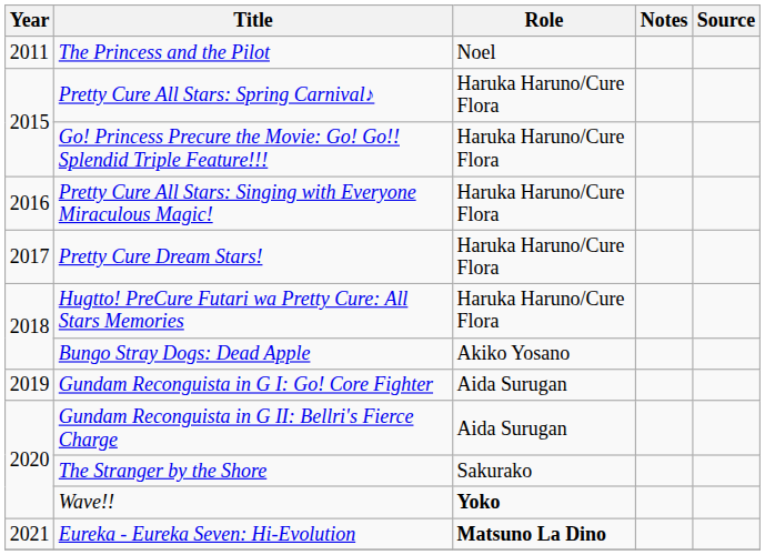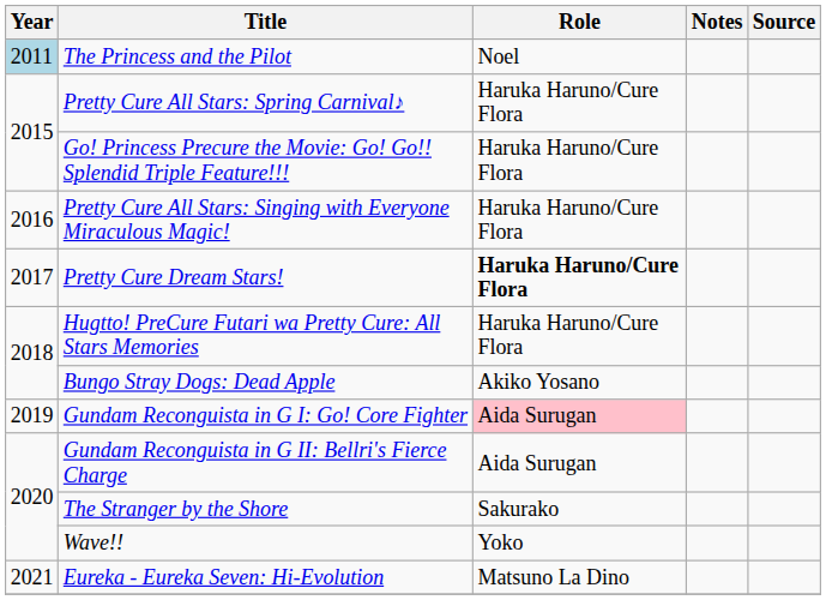 <table class="wikitable">
 <tr>
 <th>Year</th>
 <th>Title</th>
 <th>Role</th>
 <th>Notes</th>
 <th>Source</th>
 </tr>
 <tr>
-<td>2011</td>
+<td style="background: lightblue;">2011</td>
 <td><em><a href='#'>The Princess and the Pilot</a></em></td>
 <td>Noel</td>
 <td></td>
 <td></td>
 </tr>
 <tr>
 <td rowspan="2">2015</td>
 <td><em><a href='#'>Pretty Cure All Stars: Spring Carnival♪</a></em></td>
 <td>Haruka Haruno/Cure Flora</td>
 <td></td>
 <td></td>
 </tr>
 <tr>
 <td><em><a href='#'>Go! Princess Precure the Movie: Go! Go!! Splendid Triple Feature!!!</a></em></td>
 <td>Haruka Haruno/Cure Flora</td>
 <td></td>
 <td></td>
 </tr>
 <tr>
 <td>2016</td>
 <td><em><a href='#'>Pretty Cure All Stars: Singing with Everyone Miraculous Magic!</a></em></td>
 <td>Haruka Haruno/Cure Flora</td>
 <td></td>
 <td></td>
 </tr>
 <tr>
 <td>2017</td>
 <td><em><a href='#'>Pretty Cure Dream Stars!</a></em></td>
-<td>Haruka Haruno/Cure Flora</td>
+<td><strong>Haruka Haruno/Cure Flora</strong></td>
 <td></td>
 <td></td>
 </tr>
 <tr>
 <td rowspan="2">2018</td>
 <td><em><a href='#'>Hugtto! PreCure Futari wa Pretty Cure: All Stars Memories</a></em></td>
 <td>Haruka Haruno/Cure Flora</td>
 <td></td>
 <td></td>
 </tr>
 <tr>
 <td><em><a href='#'>Bungo Stray Dogs: Dead Apple</a></em></td>
 <td>Akiko Yosano</td>
 <td></td>
 <td></td>
 </tr>
 <tr>
 <td>2019</td>
 <td><em><a href='#'>Gundam Reconguista in G I: Go! Core Fighter</a></em></td>
-<td>Aida Surugan</td>
+<td style="background: pink;">Aida Surugan</td>
 <td></td>
 <td></td>
 </tr>
 <tr>
 <td rowspan="3">2020</td>
 <td><em><a href='#'>Gundam Reconguista in G II: Bellri's Fierce Charge</a></em></td>
 <td>Aida Surugan</td>
 <td></td>
 <td></td>
 </tr>
 <tr>
 <td><em><a href='#'>The Stranger by the Shore</a></em></td>
 <td>Sakurako</td>
 <td></td>
 <td></td>
 </tr>
 <tr>
 <td><em>Wave!!</em></td>
-<td><strong>Yoko</strong></td>
+<td>Yoko</td>
 <td></td>
 <td></td>
 </tr>
 <tr>
 <td>2021</td>
 <td><em><a href='#'>Eureka - Eureka Seven: Hi-Evolution</a></em></td>
-<td><strong>Matsuno La Dino</strong></td>
+<td>Matsuno La Dino</td>
 <td></td>
 <td></td>
 </tr>
 <tr>
 </tr>
 </table>
